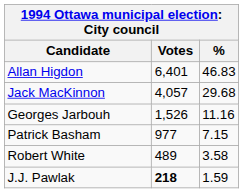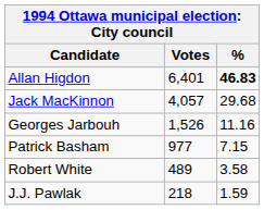 <table class="wikitable">
 <tr>
 <th colspan="3"><a href='#'>1994 Ottawa municipal election</a>: City council</th>
 </tr>
 <tr>
 <th style="width: 170px">Candidate</th>
 <th style="width: 50px">Votes</th>
 <th style="width: 40px">%</th>
 </tr>
 <tr>
 <td><a href='#'>Allan Higdon</a></td>
 <td>6,401</td>
-<td>46.83</td>
+<td><strong>46.83</strong></td>
 </tr>
 <tr>
 <td><a href='#'>Jack MacKinnon</a></td>
 <td>4,057</td>
 <td>29.68</td>
 </tr>
 <tr>
 <td>Georges Jarbouh</td>
 <td>1,526</td>
 <td>11.16</td>
 </tr>
 <tr>
 <td>Patrick Basham</td>
 <td>977</td>
 <td>7.15</td>
 </tr>
 <tr>
 <td>Robert White</td>
 <td>489</td>
 <td>3.58</td>
 </tr>
 <tr>
 <td>J.J. Pawlak</td>
-<td><strong>218</strong></td>
+<td>218</td>
 <td>1.59</td>
 </tr>
 </table>
